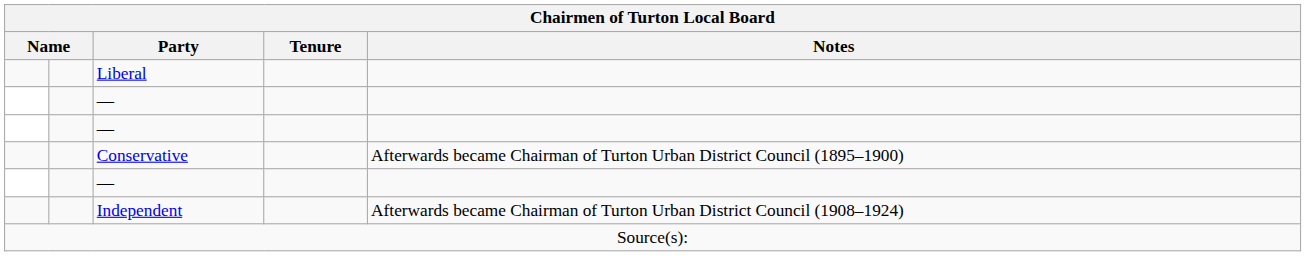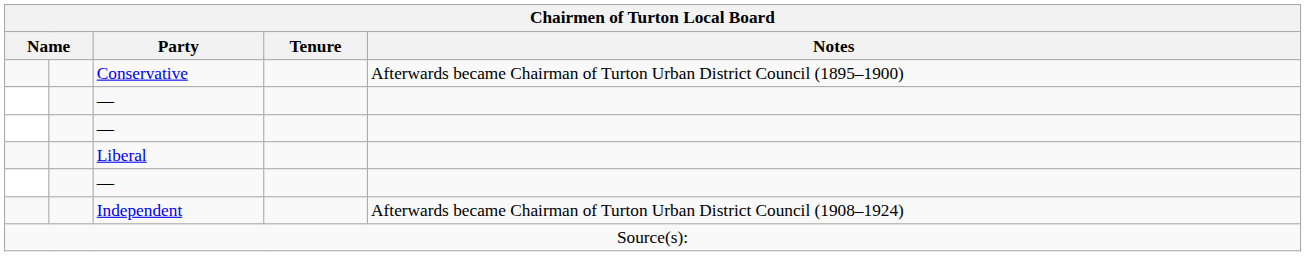 <table class="wikitable sortable" style="width: 95%;">
 <tr>
 <th colspan="5">Chairmen of Turton Local Board</th>
 </tr>
 <tr>
 <th colspan=2>Name</th>
 <th>Party</th>
 <th>Tenure</th>
 <th class=unsortable>Notes</th>
 </tr>
 <tr>
 <td style="background-color: "></td>
 <td></td>
-<td><a href='#'>Liberal</a></td>
+<td><a href='#'>Conservative</a></td>
 <td></td>
-<td></td>
+<td>Afterwards became Chairman of Turton Urban District Council (1895–1900)</td>
 </tr>
 <tr>
 <td style="background-color:#FFFFFF"></td>
 <td></td>
 <td>—</td>
 <td></td>
 <td></td>
 </tr>
 <tr>
 <td style="background-color:#FFFFFF"></td>
 <td></td>
 <td>—</td>
 <td></td>
 <td></td>
 </tr>
 <tr>
 <td style="background-color: "></td>
 <td></td>
-<td><a href='#'>Conservative</a></td>
+<td><a href='#'>Liberal</a></td>
 <td></td>
-<td>Afterwards became Chairman of Turton Urban District Council (1895–1900)</td>
+<td></td>
 </tr>
 <tr>
 <td style="background-color:#FFFFFF"></td>
 <td></td>
 <td>—</td>
 <td></td>
 <td></td>
 </tr>
 <tr>
 <td style="background-color: "></td>
 <td></td>
 <td><a href='#'>Independent</a></td>
 <td></td>
 <td>Afterwards became Chairman of Turton Urban District Council (1908–1924)</td>
 </tr>
 <tr class="sortbottom">
 <td colspan="5" align="center" class=unsortable>Source(s):</td>
 </tr>
 </table>
